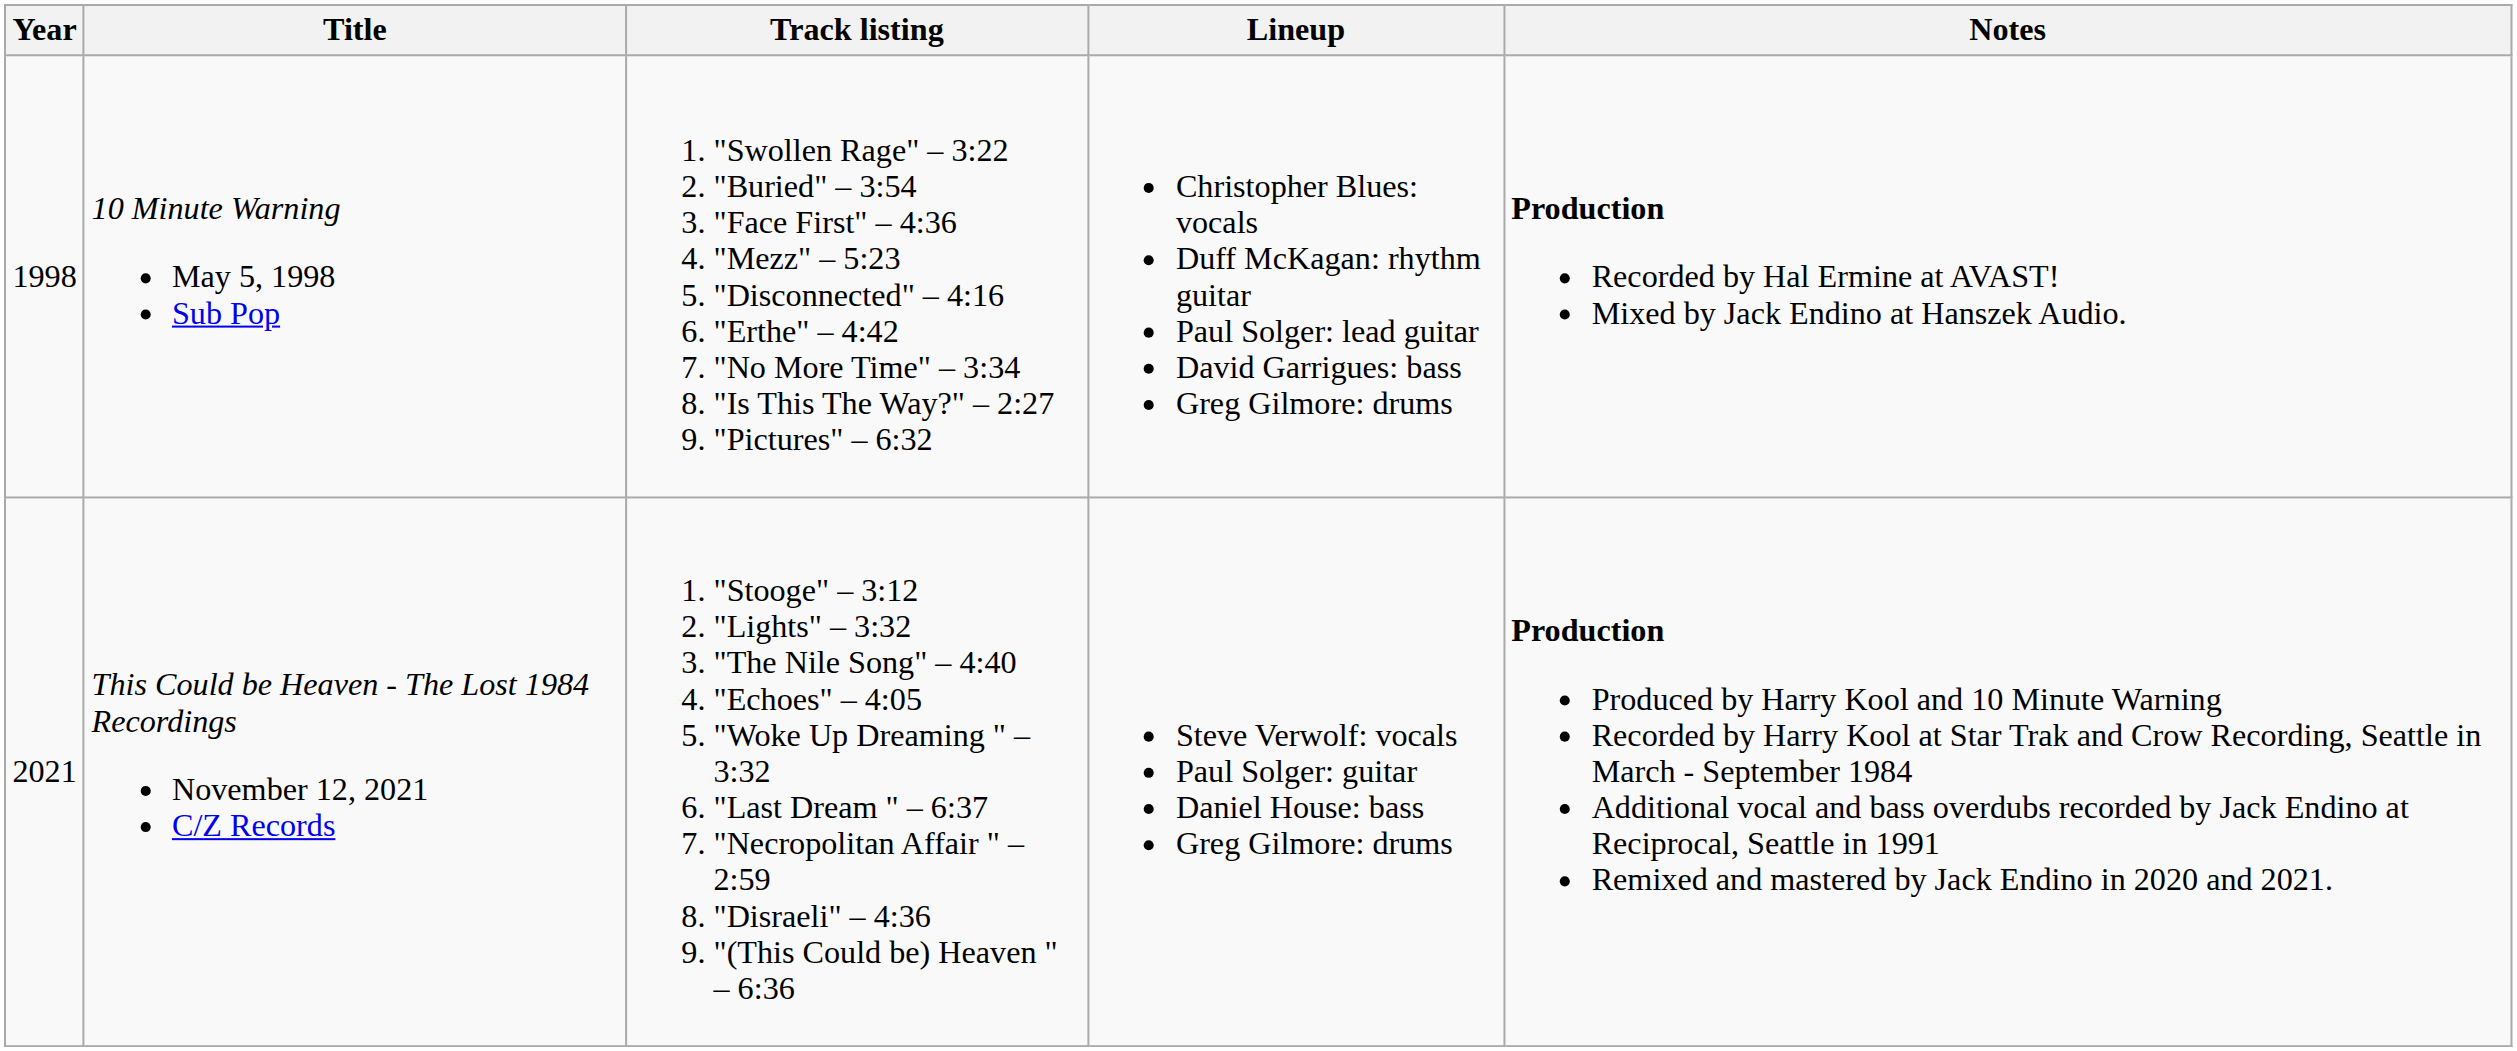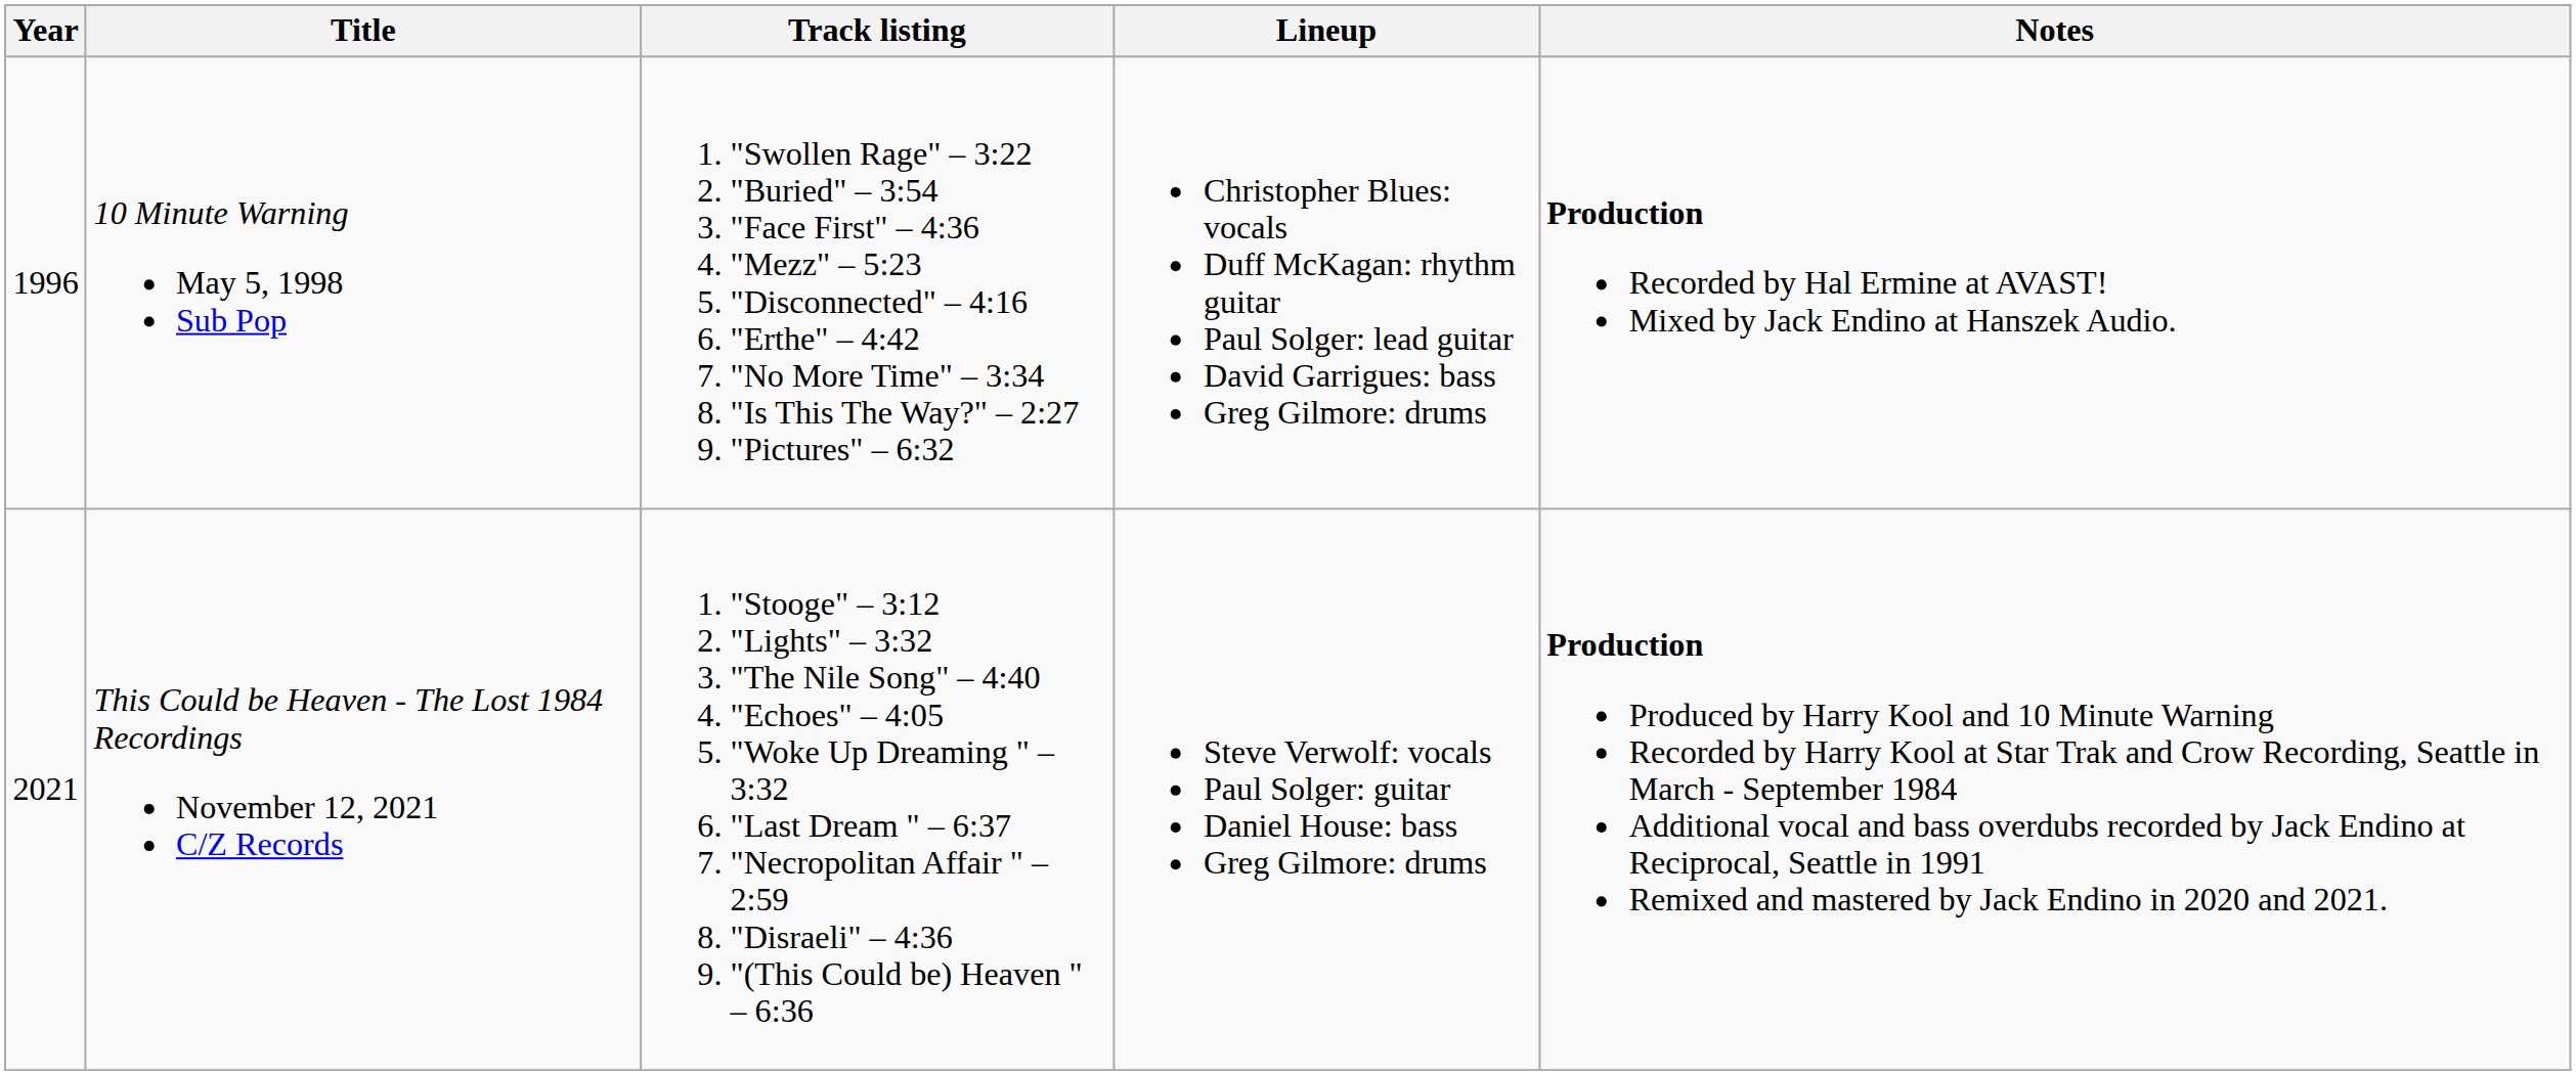 <table class="wikitable">
 <tr>
 <th>Year</th>
 <th>Title</th>
 <th>Track listing</th>
 <th>Lineup</th>
 <th>Notes</th>
 </tr>
 <tr>
-<td>1998</td>
+<td>1996</td>
 <td><em>10 Minute Warning</em><br><ul><li>May 5, 1998</li><li><a href='#'>Sub Pop</a></li></ul></td>
 <td><br><ol><li>"Swollen Rage" – 3:22</li><li>"Buried" – 3:54</li><li>"Face First" – 4:36</li><li>"Mezz" – 5:23</li><li>"Disconnected" – 4:16</li><li>"Erthe" – 4:42</li><li>"No More Time" – 3:34</li><li>"Is This The Way?" – 2:27</li><li>"Pictures" – 6:32</li></ol></td>
 <td><br><ul><li>Christopher Blues: vocals</li><li>Duff McKagan: rhythm guitar</li><li>Paul Solger: lead guitar</li><li>David Garrigues: bass</li><li>Greg Gilmore: drums</li></ul></td>
 <td><strong>Production</strong><br><ul><li>Recorded by Hal Ermine at AVAST!</li><li>Mixed by Jack Endino at Hanszek Audio.</li></ul></td>
 </tr>
 <tr>
 <td>2021</td>
 <td><em>This Could be Heaven - The Lost 1984 Recordings</em><br><ul><li>November 12, 2021</li><li><a href='#'>C/Z Records</a></li></ul></td>
 <td><br><ol><li>"Stooge" – 3:12</li><li>"Lights" – 3:32</li><li>"The Nile Song" – 4:40</li><li>"Echoes" – 4:05</li><li>"Woke Up Dreaming " – 3:32</li><li>"Last Dream " – 6:37</li><li>"Necropolitan Affair " – 2:59</li><li>"Disraeli" – 4:36</li><li>"(This Could be) Heaven " – 6:36</li></ol></td>
 <td><br><ul><li>Steve Verwolf: vocals</li><li>Paul Solger: guitar</li><li>Daniel House: bass</li><li>Greg Gilmore: drums</li></ul></td>
 <td><strong>Production</strong><br><ul><li>Produced by Harry Kool and 10 Minute Warning</li><li>Recorded by Harry Kool at Star Trak and Crow Recording, Seattle in March - September 1984</li><li>Additional vocal and bass overdubs recorded by Jack Endino at Reciprocal, Seattle in 1991</li><li>Remixed and mastered by Jack Endino in 2020 and 2021.</li></ul></td>
 </tr>
 </table>
